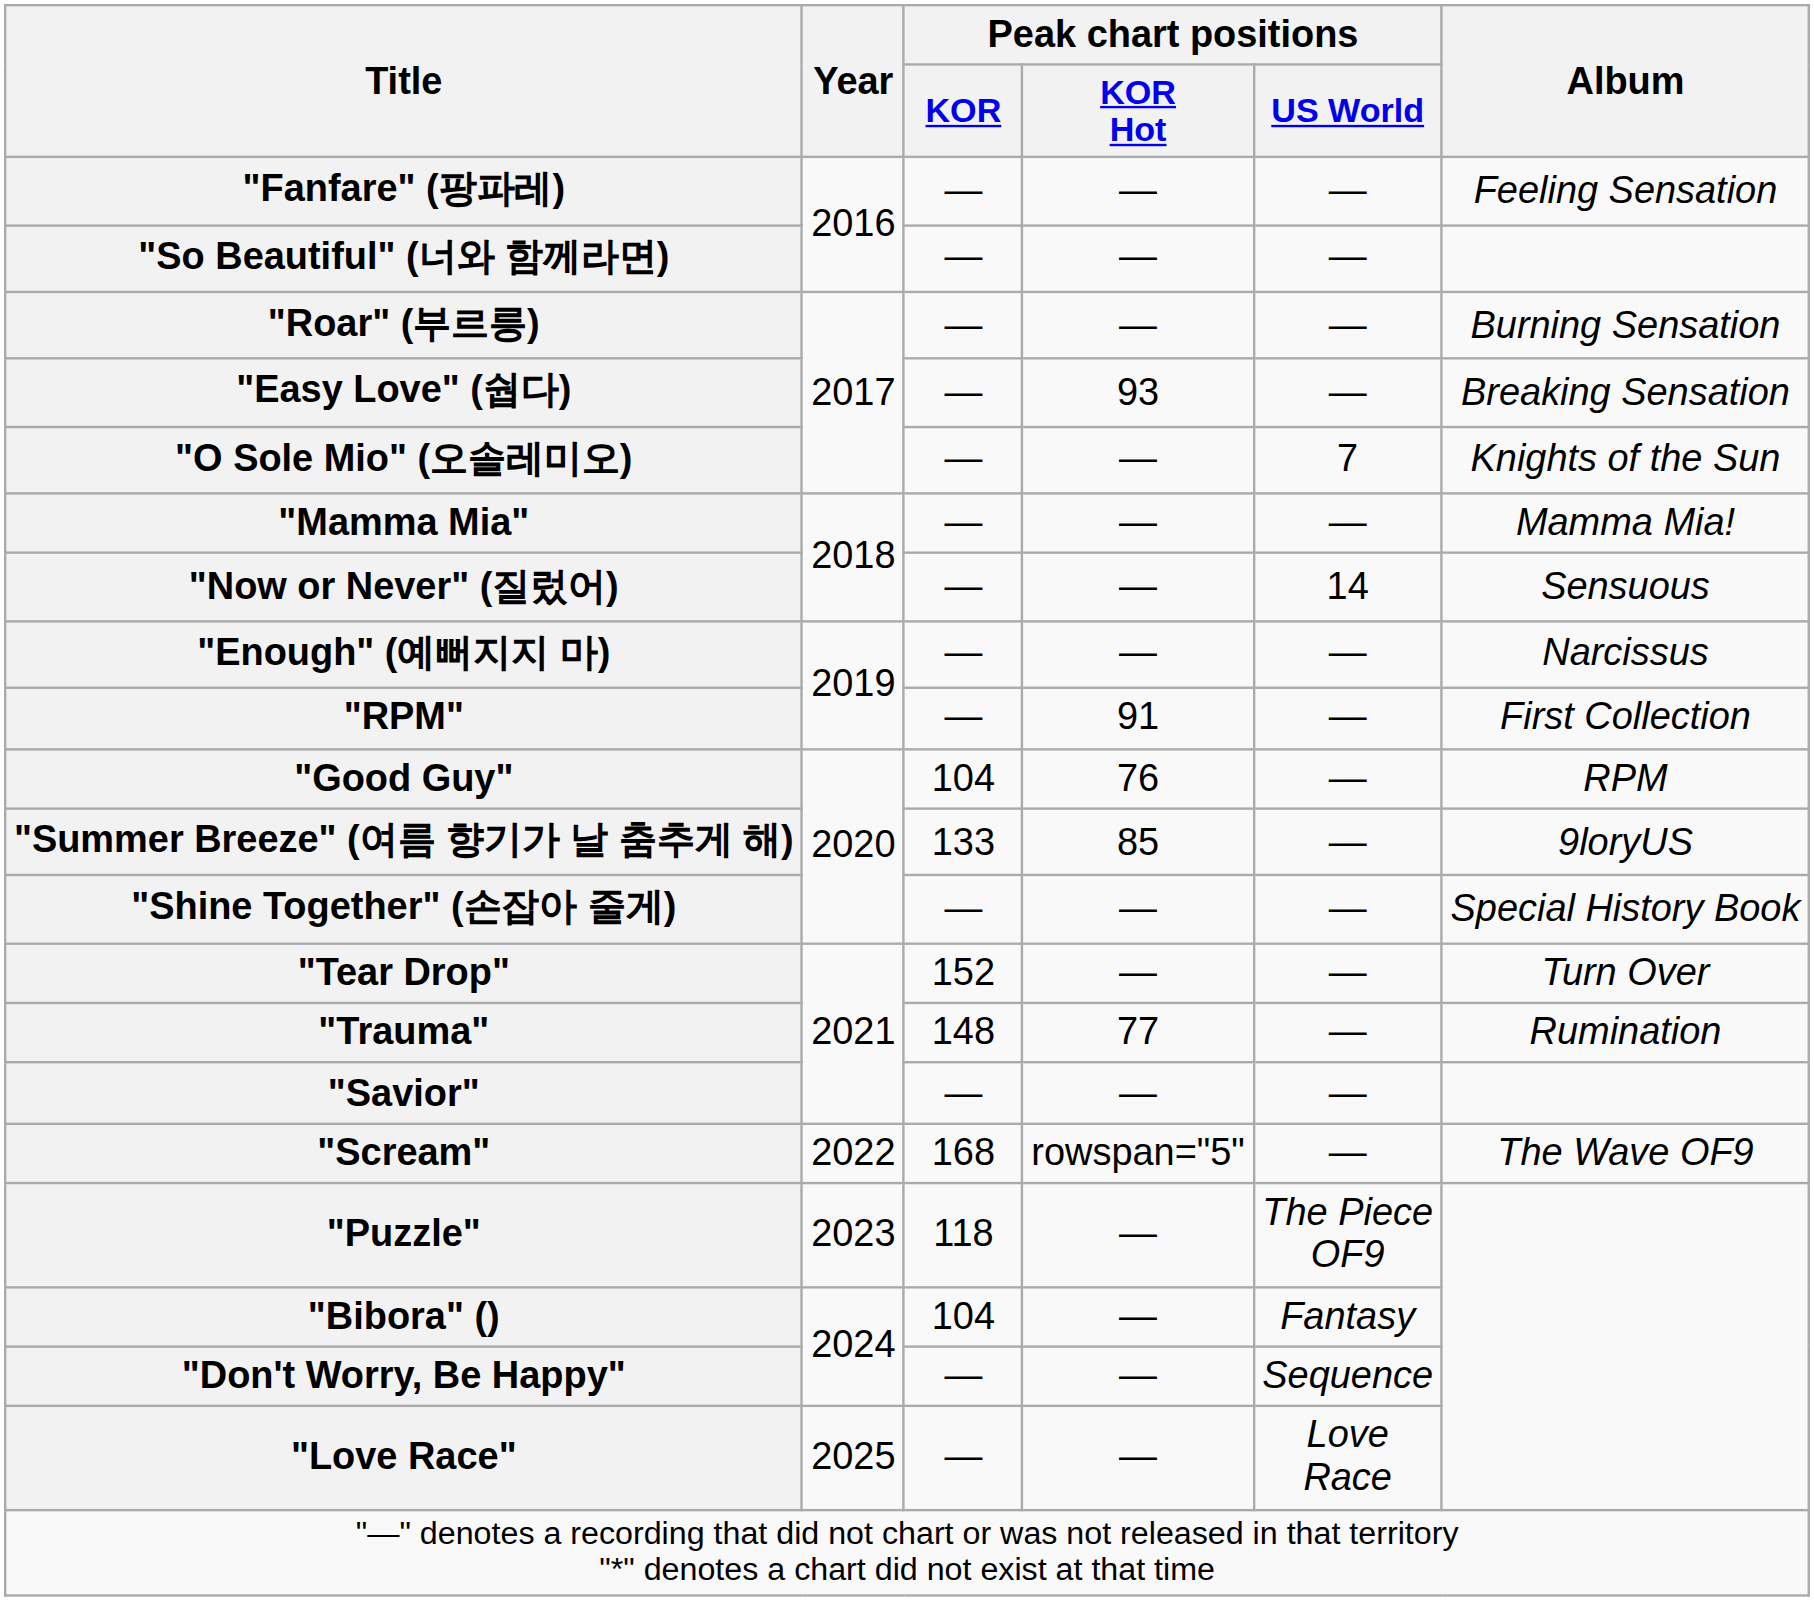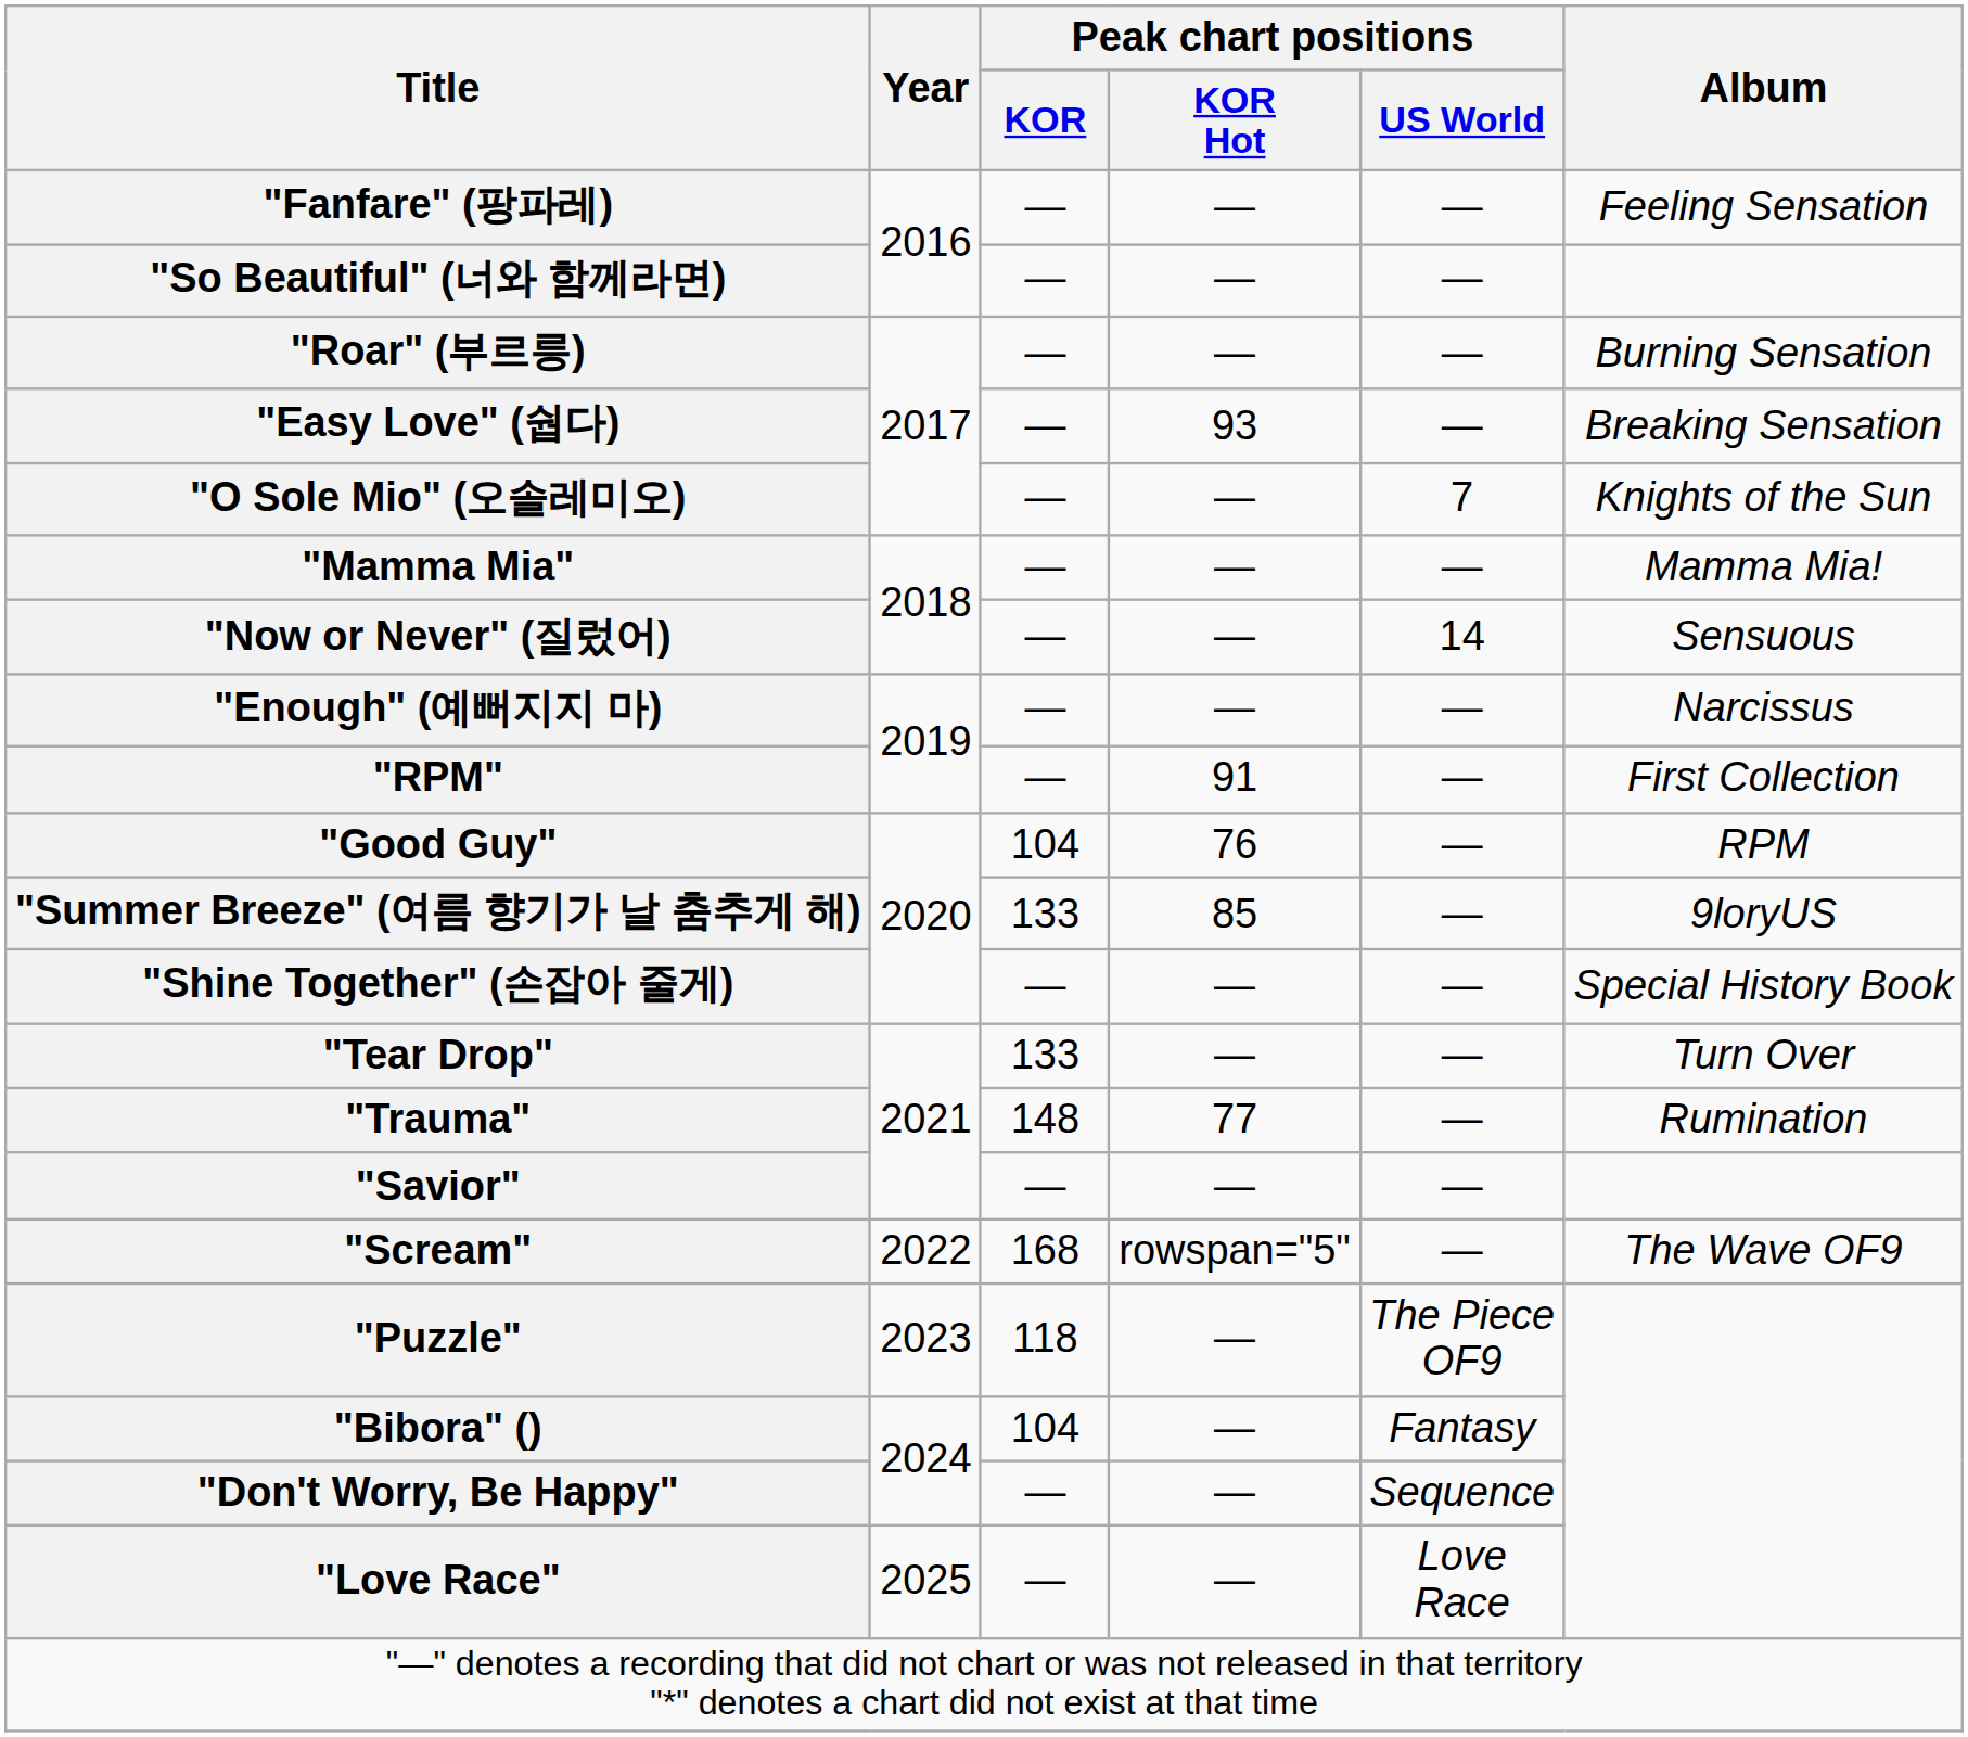 <table class="wikitable plainrowheaders" style="text-align:center">
 <tr>
 <th scope="col" rowspan="2">Title</th>
 <th scope="col" rowspan="2">Year</th>
 <th scope="col" colspan="3">Peak chart positions</th>
 <th scope="col" rowspan="2">Album</th>
 </tr>
 <tr>
 <th scope="col" style="width:3em;font-size:90%"><a href='#'>KOR</a><br></th>
 <th scope="col" style="width:3em;font-size:90%"><a href='#'>KOR<br>Hot</a><br></th>
 <th scope="col" style="width:3em;font-size:90%"><a href='#'>US World</a><br></th>
 </tr>
 <tr>
 <th scope="row">"Fanfare" (팡파레)</th>
 <td rowspan="2">2016</td>
 <td>—</td>
 <td>—</td>
 <td>—</td>
 <td><em>Feeling Sensation</em></td>
 </tr>
 <tr>
 <th scope="row">"So Beautiful" (너와 함께라면)</th>
 <td>—</td>
 <td>—</td>
 <td>—</td>
 <td></td>
 </tr>
 <tr>
 <th scope="row">"Roar" (부르릉)</th>
 <td rowspan="3">2017</td>
 <td>—</td>
 <td>—</td>
 <td>—</td>
 <td><em>Burning Sensation</em></td>
 </tr>
 <tr>
 <th scope="row">"Easy Love" (쉅다)</th>
 <td>—</td>
 <td>93</td>
 <td>—</td>
 <td><em>Breaking Sensation</em></td>
 </tr>
 <tr>
 <th scope="row">"O Sole Mio" (오솔레미오)</th>
 <td>—</td>
 <td>—</td>
 <td>7</td>
 <td><em>Knights of the Sun</em></td>
 </tr>
 <tr>
 <th scope="row">"Mamma Mia"</th>
 <td rowspan="2">2018</td>
 <td>—</td>
 <td>—</td>
 <td>—</td>
 <td><em>Mamma Mia! </em></td>
 </tr>
 <tr>
 <th scope="row">"Now or Never" (질렀어)</th>
 <td>—</td>
 <td>—</td>
 <td>14</td>
 <td><em>Sensuous</em></td>
 </tr>
 <tr>
 <th scope="row">"Enough" (예뻐지지 마)</th>
 <td rowspan="2">2019</td>
 <td>—</td>
 <td>—</td>
 <td>—</td>
 <td><em>Narcissus</em></td>
 </tr>
 <tr>
 <th scope="row">"RPM"</th>
 <td>—</td>
 <td>91</td>
 <td>—</td>
 <td><em>First Collection</em></td>
 </tr>
 <tr>
 <th scope="row">"Good Guy"</th>
 <td rowspan="3">2020</td>
 <td>104</td>
 <td>76</td>
 <td>—</td>
 <td><em>RPM</em></td>
 </tr>
 <tr>
 <th scope="row">"Summer Breeze" (여름 향기가 날 춤추게 해)</th>
 <td>133</td>
 <td>85</td>
 <td>—</td>
 <td><em>9loryUS</em></td>
 </tr>
 <tr>
 <th scope="row">"Shine Together" (손잡아 줄게)</th>
 <td>—</td>
 <td>—</td>
 <td>—</td>
 <td><em>Special History Book</em></td>
 </tr>
 <tr>
 <th scope="row">"Tear Drop"</th>
 <td rowspan="3">2021</td>
-<td>152</td>
+<td>133</td>
 <td>—</td>
 <td>—</td>
 <td><em>Turn Over</em></td>
 </tr>
 <tr>
 <th scope="row">"Trauma"</th>
 <td>148</td>
 <td>77</td>
 <td>—</td>
 <td><em>Rumination</em></td>
 </tr>
 <tr>
 <th scope="row">"Savior"</th>
 <td>—</td>
 <td>—</td>
 <td>—</td>
 <td></td>
 </tr>
 <tr>
 <th scope="row">"Scream"</th>
 <td>2022</td>
 <td>168</td>
 <td>rowspan="5" </td>
 <td>—</td>
 <td><em>The Wave OF9</em></td>
 </tr>
 <tr>
 <th scope="row">"Puzzle"</th>
 <td>2023</td>
 <td>118</td>
 <td>—</td>
 <td><em>The Piece OF9</em></td>
 </tr>
 <tr>
 <th scope="row">"Bibora" ()</th>
 <td rowspan="2">2024</td>
 <td>104</td>
 <td>—</td>
 <td><em>Fantasy</em></td>
 </tr>
 <tr>
 <th scope="row">"Don't Worry, Be Happy"</th>
 <td>—</td>
 <td>—</td>
 <td><em>Sequence</em></td>
 </tr>
 <tr>
 <th scope="row">"Love Race"</th>
 <td>2025</td>
 <td>—</td>
 <td>—</td>
 <td><em>Love Race</em></td>
 </tr>
 <tr>
 <td colspan="9" style="font-size:85%">"—" denotes a recording that did not chart or was not released in that territory<br>"*" denotes a chart did not exist at that time</td>
 </tr>
 </table>
